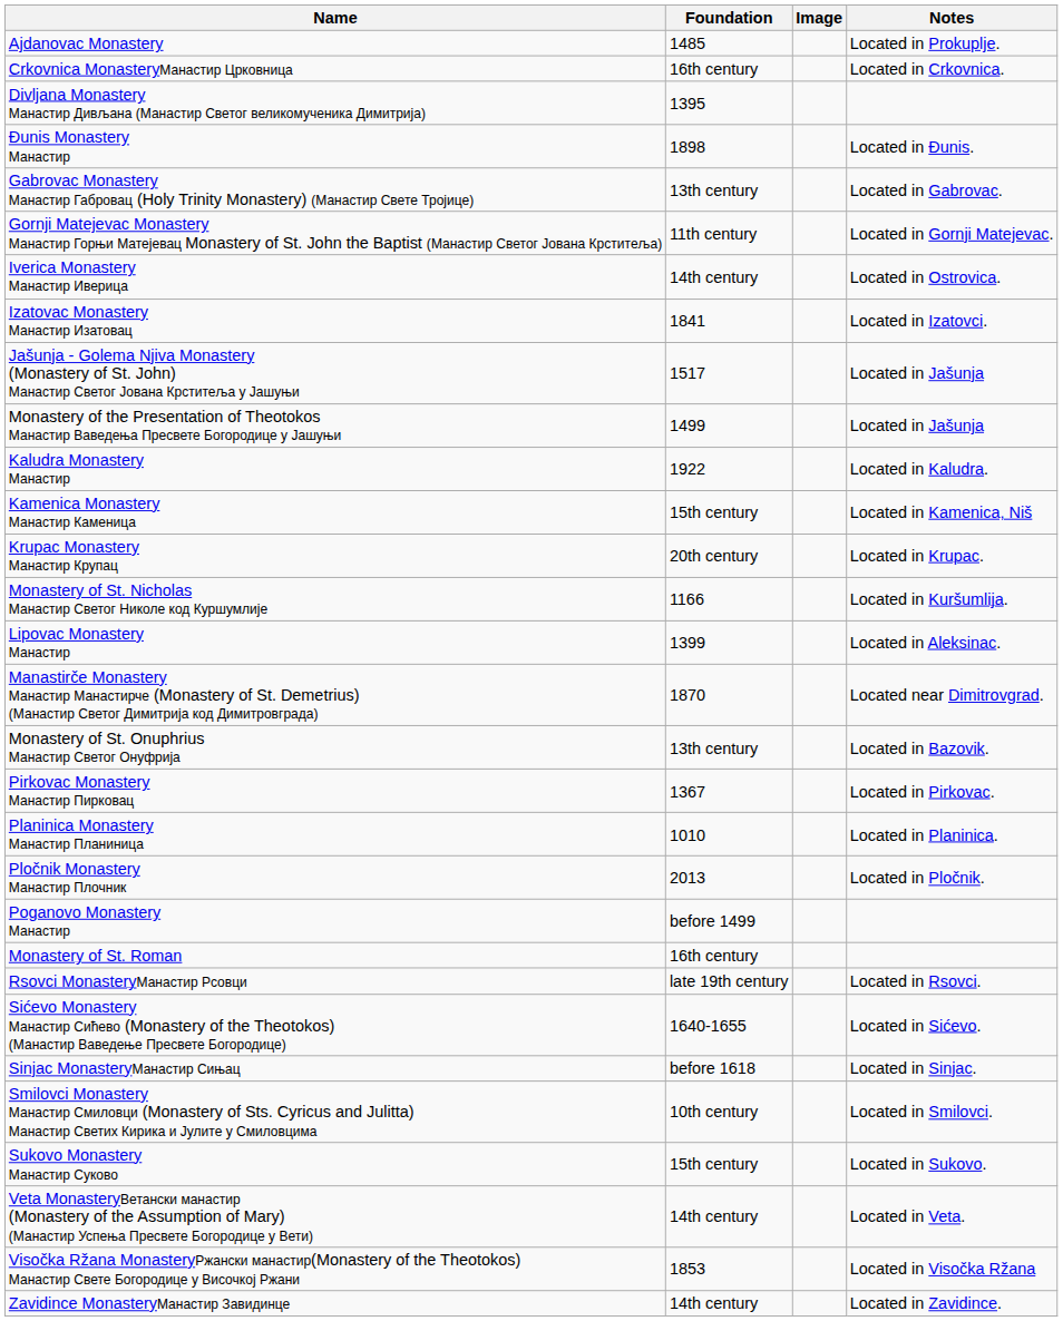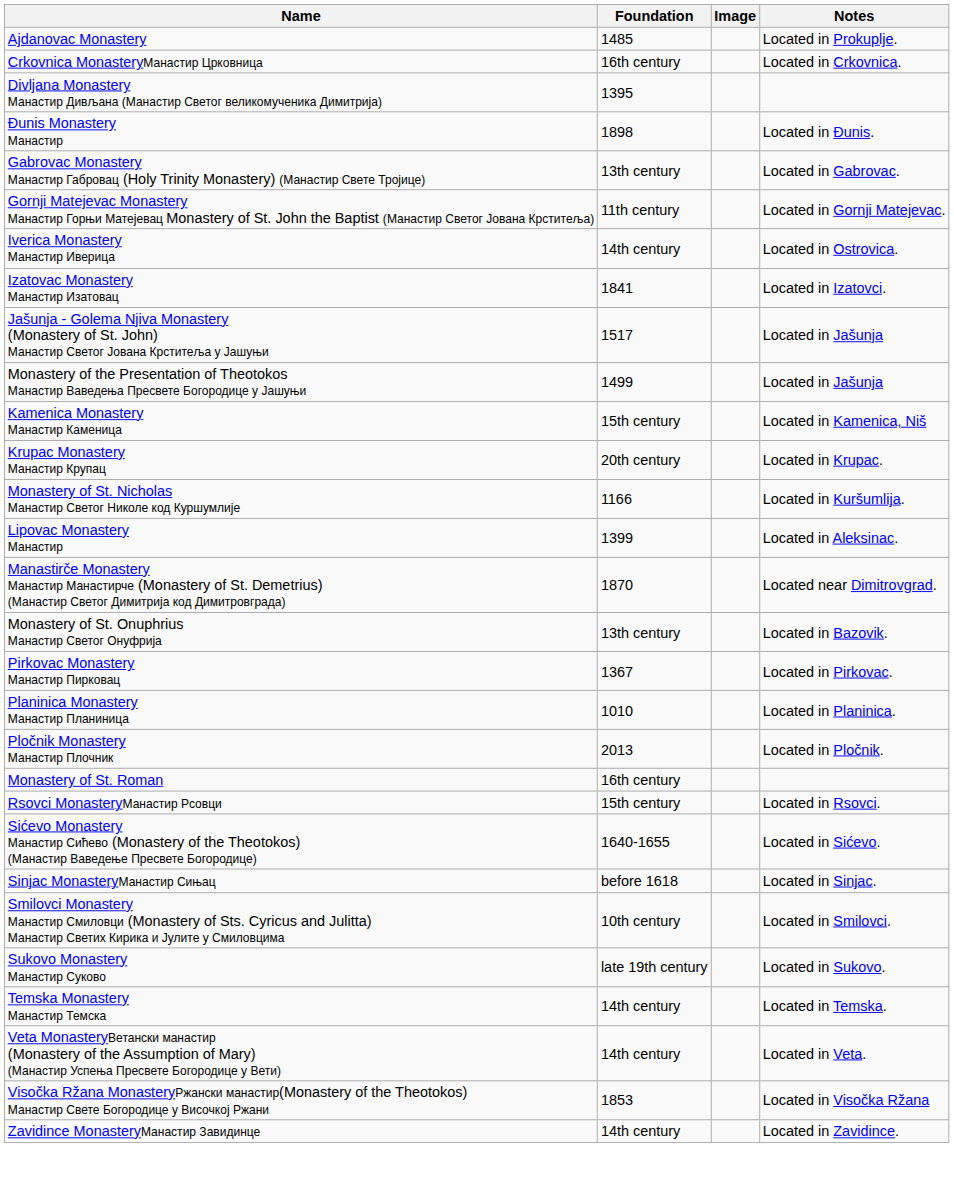 <table class="wikitable" style="font-size:95%;">
 <tr>
 <th>Name</th>
 <th>Foundation</th>
 <th>Image</th>
 <th>Notes</th>
 </tr>
 <tr>
 <td><a href='#'>Ajdanovac Monastery</a><br></td>
 <td>1485</td>
 <td></td>
 <td>Located in <a href='#'>Prokuplje</a>.</td>
 </tr>
 <tr>
 <td><a href='#'>Crkovnica Monastery</a><small>Манастир Црковница</small></td>
 <td>16th century</td>
 <td></td>
 <td>Located in <a href='#'>Crkovnica</a>.</td>
 </tr>
 <tr>
 <td><a href='#'>Divljana Monastery</a><br><small>Манастир Дивљана</small><small> (Манастир Светог великомученика Димитрија)</small></td>
 <td>1395</td>
 <td></td>
 <td></td>
 </tr>
 <tr>
 <td><a href='#'>Đunis Monastery</a><br><small>Манастир</small> </td>
 <td>1898</td>
 <td></td>
 <td>Located in <a href='#'>Đunis</a>.</td>
 </tr>
 <tr>
 <td><a href='#'>Gabrovac Monastery</a><br><small>Манастир Габровац</small> (Holy Trinity Monastery) <small>(Манастир Свете Тројице)</small></td>
 <td>13th century</td>
 <td></td>
 <td>Located in <a href='#'>Gabrovac</a>.</td>
 </tr>
 <tr>
 <td><a href='#'>Gornji Matejevac Monastery</a><br><small>Манастир Горњи Матејевац </small>Monastery of St. John the Baptist <small> (Манастир Светог Јована Крститеља)</small></td>
 <td>11th century</td>
 <td></td>
 <td>Located in <a href='#'>Gornji Matejevac</a>.</td>
 </tr>
 <tr>
 <td><a href='#'>Iverica Monastery</a><br><small>Манастир Иверица</small></td>
 <td>14th century</td>
 <td></td>
 <td>Located in <a href='#'>Ostrovica</a>.</td>
 </tr>
 <tr>
 <td><a href='#'>Izatovac Monastery</a><br><small>Манастир Изатовац</small></td>
 <td>1841</td>
 <td></td>
 <td>Located in <a href='#'>Izatovci</a>.</td>
 </tr>
 <tr>
 <td><a href='#'>Jašunja - Golema Njiva Monastery</a><br>(Monastery of St. John)<br><small>Манастир Светог Јована Крститеља у Јашуњи</small></td>
 <td>1517</td>
 <td></td>
 <td>Located in <a href='#'>Jašunja</a></td>
 </tr>
 <tr>
 <td>Monastery of the Presentation of Theotokos<br><small>Манастир Ваведења Пресвете Богородице у Јашуњи</small></td>
 <td>1499</td>
 <td></td>
 <td>Located in <a href='#'>Jašunja</a></td>
 </tr>
 <tr>
-<td><a href='#'>Kaludra Monastery</a><br><small>Манастир</small> </td>
-<td>1922</td>
-<td></td>
-<td>Located in <a href='#'>Kaludra</a>.</td>
-</tr>
-<tr>
 <td><a href='#'>Kamenica Monastery</a><br><small>Манастир Каменица</small></td>
 <td>15th century</td>
 <td></td>
 <td>Located in <a href='#'>Kamenica, Niš</a></td>
 </tr>
 <tr>
 <td><a href='#'>Krupac Monastery</a><br><small>Манастир Крупац</small></td>
 <td>20th century</td>
 <td></td>
 <td>Located in <a href='#'>Krupac</a>.</td>
 </tr>
 <tr>
 <td><a href='#'>Monastery of St. Nicholas</a><br><small>Манастир Светог Николе код Куршумлије</small></td>
 <td>1166</td>
 <td></td>
 <td>Located in <a href='#'>Kuršumlija</a>.</td>
 </tr>
 <tr>
 <td><a href='#'>Lipovac Monastery</a><br><small>Манастир</small> </td>
 <td>1399</td>
 <td></td>
 <td>Located in <a href='#'>Aleksinac</a>.</td>
 </tr>
 <tr>
 <td><a href='#'>Manastirče Monastery</a><br><small>Манастир Манастирче</small> (Monastery of St. Demetrius)<br><small>(Манастир Светог Димитрија код Димитровграда)</small></td>
 <td>1870</td>
 <td></td>
 <td>Located near <a href='#'>Dimitrovgrad</a>.</td>
 </tr>
 <tr>
 <td>Monastery of St. Onuphrius<br><small>Манастир Светог Онуфрија</small></td>
 <td>13th century</td>
 <td></td>
 <td>Located in <a href='#'>Bazovik</a>.</td>
 </tr>
 <tr>
 <td><a href='#'>Pirkovac Monastery</a><br><small>Манастир Пирковац</small></td>
 <td>1367</td>
 <td></td>
 <td>Located in <a href='#'>Pirkovac</a>.</td>
 </tr>
 <tr>
 <td><a href='#'>Planinica Monastery</a><br><small>Манастир Планиница</small></td>
 <td>1010</td>
 <td></td>
 <td>Located in <a href='#'>Planinica</a>.</td>
 </tr>
 <tr>
 <td><a href='#'>Pločnik Monastery</a><br><small>Манастир Плочник</small></td>
 <td>2013</td>
 <td></td>
 <td>Located in <a href='#'>Pločnik</a>.</td>
 </tr>
 <tr>
-<td><a href='#'>Poganovo Monastery</a><br><small>Манастир</small> </td>
-<td>before 1499</td>
-<td></td>
-<td></td>
-</tr>
-<tr>
 <td><a href='#'>Monastery of St. Roman</a><br></td>
 <td>16th century</td>
 <td></td>
 <td></td>
 </tr>
 <tr>
 <td><a href='#'>Rsovci Monastery</a><small>Манастир Рсовци</small></td>
-<td>late 19th century</td>
+<td>15th century</td>
 <td></td>
 <td>Located in <a href='#'>Rsovci</a>.</td>
 </tr>
 <tr>
 <td><a href='#'>Sićevo Monastery</a><br><small>Манастир Сићево</small> (Monastery of the Theotokos)<br><small>(Манастир Ваведење Пресвете Богородице)</small></td>
 <td>1640-1655</td>
 <td></td>
 <td>Located in <a href='#'>Sićevo</a>.</td>
 </tr>
 <tr>
 <td><a href='#'>Sinjac Monastery</a><small>Манастир Сињац</small></td>
 <td>before 1618</td>
 <td></td>
 <td>Located in <a href='#'>Sinjac</a>.</td>
 </tr>
 <tr>
 <td><a href='#'>Smilovci Monastery</a><br><small>Манастир Смиловци</small> (Monastery of Sts. Cyricus and Julitta)<br><small>Манастир Светих Кирика и Јулите у Смиловцима</small></td>
 <td>10th century</td>
 <td></td>
 <td>Located in <a href='#'>Smilovci</a>.</td>
 </tr>
 <tr>
 <td><a href='#'>Sukovo Monastery</a><br><small>Манастир Суково</small></td>
-<td>15th century</td>
+<td>late 19th century</td>
 <td></td>
 <td>Located in <a href='#'>Sukovo</a>.</td>
+</tr>
+<tr>
+<td><a href='#'>Temska Monastery</a><br><small>Манастир Темска</small></td>
+<td>14th century</td>
+<td></td>
+<td>Located in <a href='#'>Temska</a>.</td>
 </tr>
 <tr>
 <td><a href='#'>Veta Monastery</a><small>Ветански манастир</small><br>(Monastery of the Assumption of Mary)<br><small>(Манастир Успења Пресвете Богородице у Вети)</small></td>
 <td>14th century</td>
 <td></td>
 <td>Located in <a href='#'>Veta</a>.</td>
 </tr>
 <tr>
 <td><a href='#'>Visočka Ržana Monastery</a><small>Ржански манастир</small>(Monastery of the Theotokos)<br><small>Манастир Свете Богородице у Височкој Ржани</small></td>
 <td>1853</td>
 <td></td>
 <td>Located in <a href='#'>Visočka Ržana</a></td>
 </tr>
 <tr>
 <td><a href='#'>Zavidince Monastery</a><small>Манастир Завидинце</small></td>
 <td>14th century</td>
 <td></td>
 <td>Located in <a href='#'>Zavidince</a>.</td>
 </tr>
 </table>
